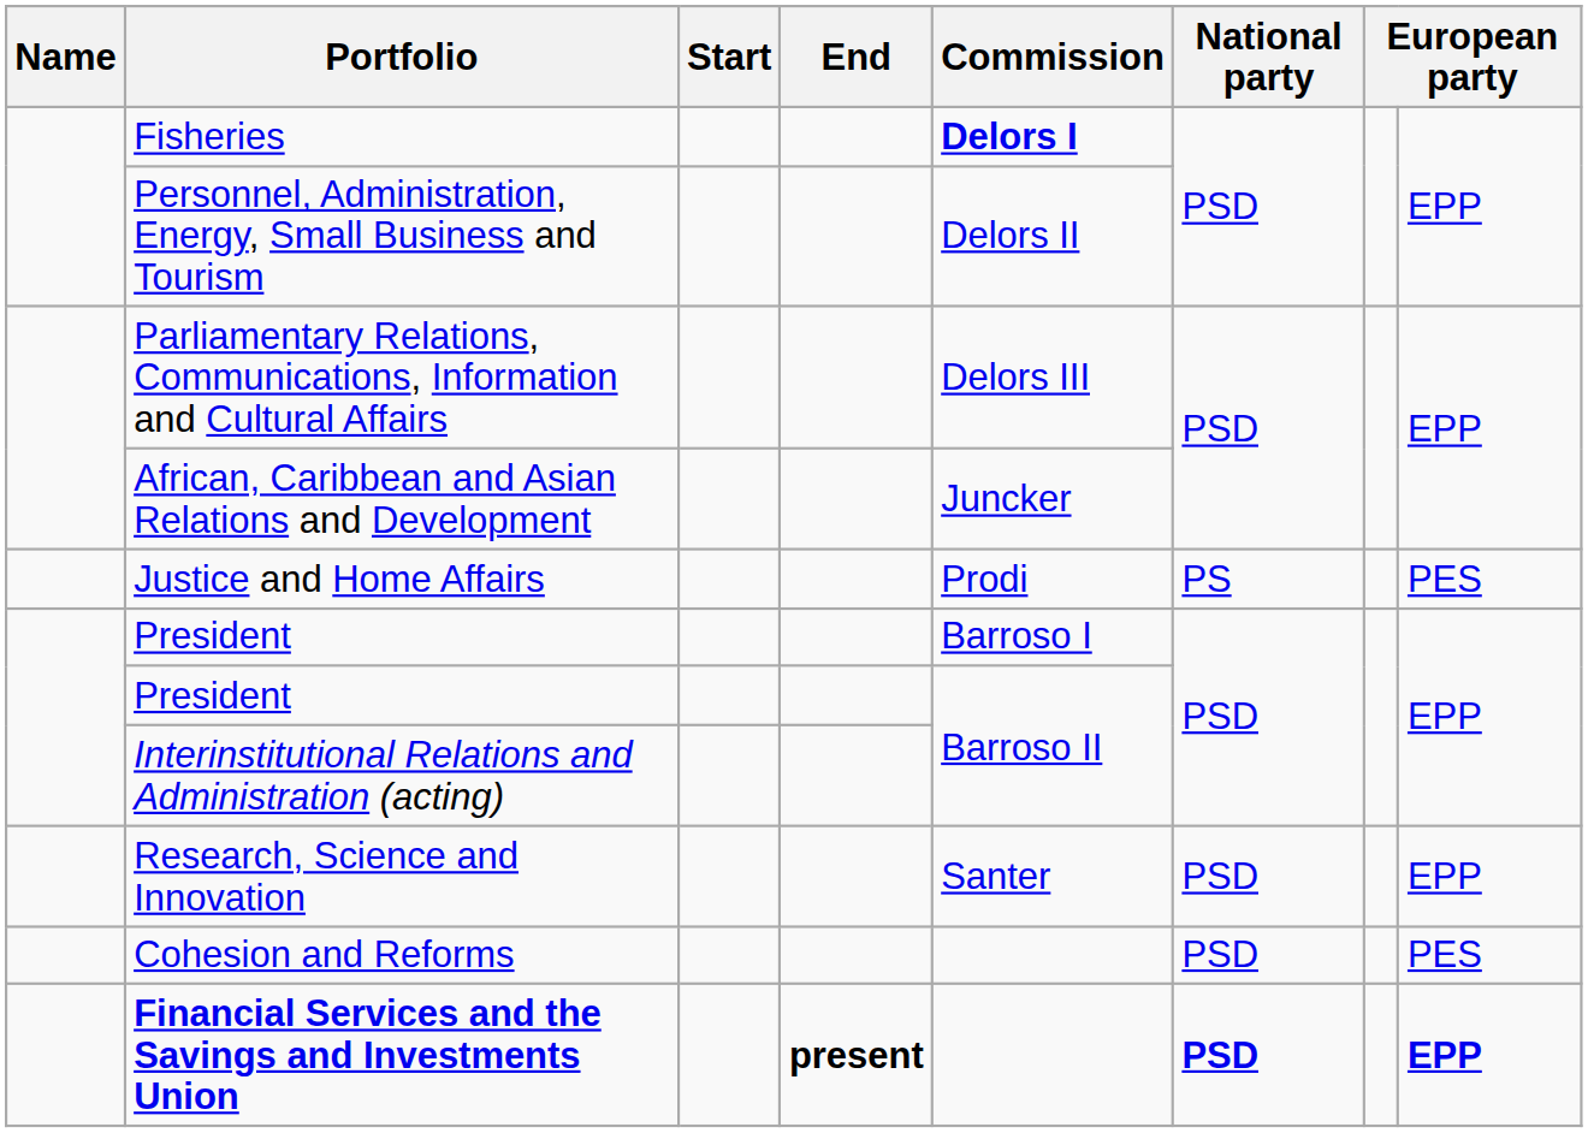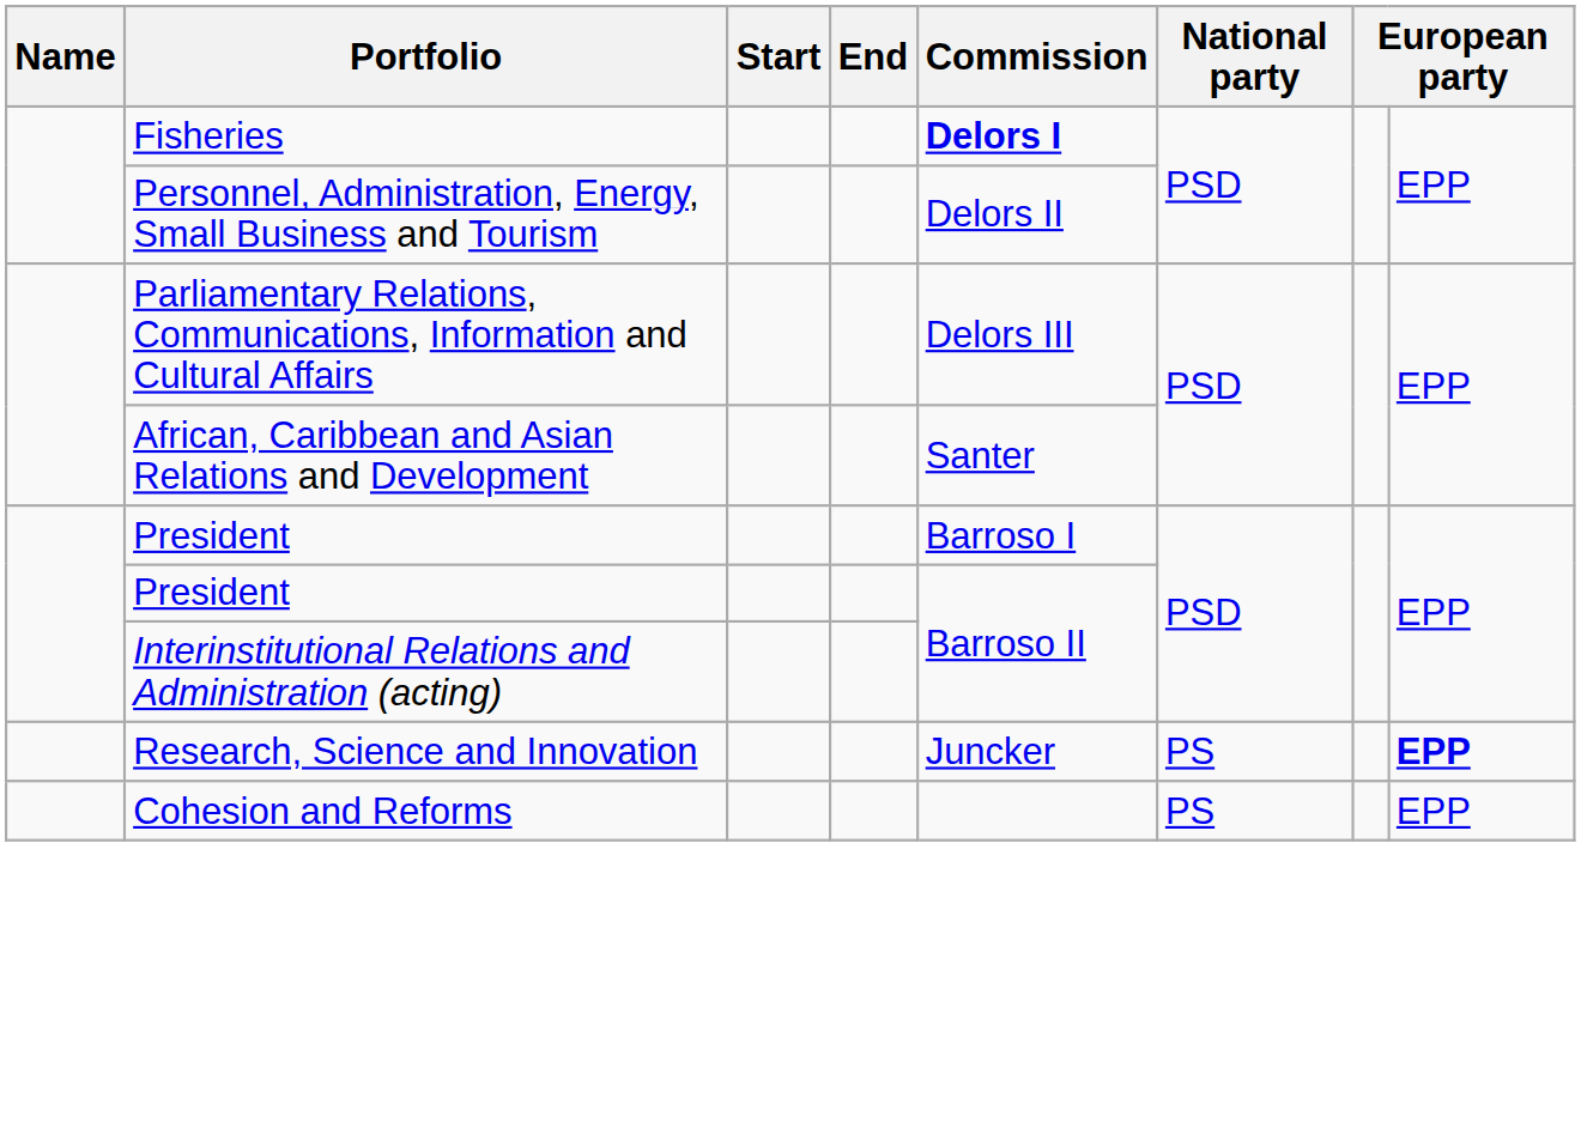 <table class="wikitable sortable" style="font-size: 90%;">
 <tr>
 <th>Name</th>
 <th>Portfolio</th>
 <th>Start</th>
 <th>End</th>
 <th>Commission</th>
 <th>National party</th>
 <th colspan=2>European party</th>
 </tr>
 <tr>
 <td rowspan=2></td>
 <td><a href='#'>Fisheries</a></td>
 <td></td>
 <td></td>
 <td><strong><a href='#'>Delors I</a></strong></td>
 <td rowspan=2><a href='#'>PSD</a></td>
 <td rowspan=2 style="background:"></td>
 <td rowspan=2><a href='#'>EPP</a></td>
 </tr>
 <tr>
 <td><a href='#'>Personnel, Administration</a>, <a href='#'>Energy</a>, <a href='#'>Small Business</a> and <a href='#'>Tourism</a></td>
 <td></td>
 <td></td>
 <td><a href='#'>Delors II</a></td>
 </tr>
 <tr>
 <td rowspan=2></td>
 <td><a href='#'>Parliamentary Relations</a>, <a href='#'>Communications</a>, <a href='#'>Information</a> and <a href='#'>Cultural Affairs</a></td>
 <td></td>
 <td></td>
 <td><a href='#'>Delors III</a></td>
 <td rowspan=2><a href='#'>PSD</a></td>
 <td rowspan=2 style="background:"></td>
 <td rowspan=2><a href='#'>EPP</a></td>
 </tr>
 <tr>
 <td><a href='#'>African, Caribbean and Asian Relations</a> and <a href='#'>Development</a></td>
 <td></td>
 <td></td>
-<td><a href='#'>Juncker</a></td>
-</tr>
-<tr>
-<td></td>
-<td><a href='#'>Justice</a> and <a href='#'>Home Affairs</a></td>
-<td></td>
-<td></td>
-<td><a href='#'>Prodi</a></td>
-<td><a href='#'>PS</a></td>
-<td style="background:"></td>
-<td><a href='#'>PES</a></td>
+<td><a href='#'>Santer</a></td>
 </tr>
 <tr>
 <td rowspan=3></td>
 <td><a href='#'>President</a></td>
 <td></td>
 <td></td>
 <td><a href='#'>Barroso I</a></td>
 <td rowspan=3><a href='#'>PSD</a></td>
 <td rowspan=3 style="background:"></td>
 <td rowspan=3><a href='#'>EPP</a></td>
 </tr>
 <tr>
 <td><a href='#'>President</a></td>
 <td></td>
 <td></td>
 <td rowspan=2><a href='#'>Barroso II</a></td>
 </tr>
 <tr>
 <td><em><a href='#'>Interinstitutional Relations and Administration</a> (acting)</em></td>
 <td><em></em></td>
 <td><em></em></td>
 </tr>
 <tr>
 <td></td>
 <td><a href='#'>Research, Science and Innovation</a></td>
 <td></td>
 <td></td>
-<td><a href='#'>Santer</a></td>
-<td><a href='#'>PSD</a></td>
+<td><a href='#'>Juncker</a></td>
+<td><a href='#'>PS</a></td>
 <td style="background:"></td>
-<td><a href='#'>EPP</a></td>
+<td><strong><a href='#'>EPP</a></strong></td>
 </tr>
 <tr>
 <td></td>
 <td><a href='#'>Cohesion and Reforms</a></td>
 <td></td>
 <td></td>
 <td></td>
-<td><a href='#'>PSD</a></td>
+<td><a href='#'>PS</a></td>
 <td style="background:"></td>
-<td><a href='#'>PES</a></td>
-</tr>
-<tr>
-<td><strong></strong></td>
-<td><strong><a href='#'>Financial Services and the Savings and Investments Union</a></strong></td>
-<td><strong></strong></td>
-<td><strong>present</strong></td>
-<td><strong></strong></td>
-<td><strong><a href='#'>PSD</a></strong></td>
-<td style="background:"></td>
-<td><strong><a href='#'>EPP</a></strong></td>
+<td><a href='#'>EPP</a></td>
 </tr>
 </table>
